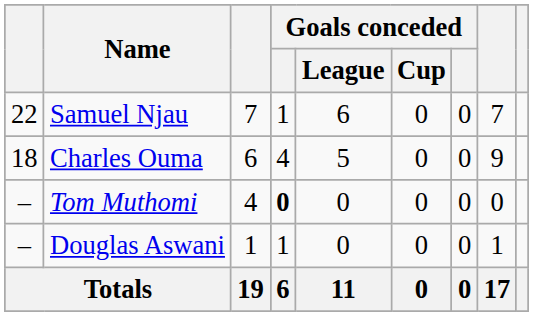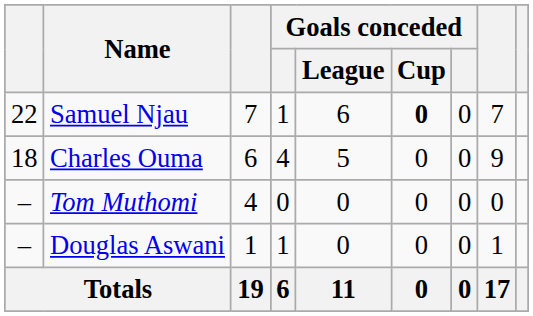 <table class="wikitable sortable" style="font-size: 95%; text-align: center;">
 <tr>
 <th rowspan=2></th>
 <th rowspan=2>Name</th>
 <th rowspan=2></th>
 <th colspan=4>Goals conceded</th>
 <th rowspan=2></th>
 <th rowspan=2></th>
 </tr>
 <tr>
 <th></th>
 <th>League</th>
 <th>Cup</th>
 <th></th>
 </tr>
 <tr>
 <td>22</td>
 <td align=left> <a href='#'>Samuel Njau</a></td>
 <td>7</td>
 <td>1</td>
 <td>6</td>
-<td>0</td>
+<td><strong>0</strong></td>
 <td>0</td>
 <td>7</td>
 <td></td>
 </tr>
 <tr>
 <td>18</td>
 <td align=left> <a href='#'>Charles Ouma</a></td>
 <td>6</td>
 <td>4</td>
 <td>5</td>
 <td>0</td>
 <td>0</td>
 <td>9</td>
 <td></td>
 </tr>
 <tr>
 <td>–</td>
 <td align=left> <em><a href='#'>Tom Muthomi</a></em></td>
 <td>4</td>
-<td><strong>0</strong></td>
+<td>0</td>
 <td>0</td>
 <td>0</td>
 <td>0</td>
 <td>0</td>
 <td></td>
 </tr>
 <tr>
 <td>–</td>
 <td align=left> <a href='#'>Douglas Aswani</a></td>
 <td>1</td>
 <td>1</td>
 <td>0</td>
 <td>0</td>
 <td>0</td>
 <td>1</td>
 <td></td>
 </tr>
 <tr>
 <th colspan=2>Totals</th>
 <th>19</th>
 <th>6</th>
 <th>11</th>
 <th>0</th>
 <th>0</th>
 <th>17</th>
 <th></th>
 </tr>
 </table>
